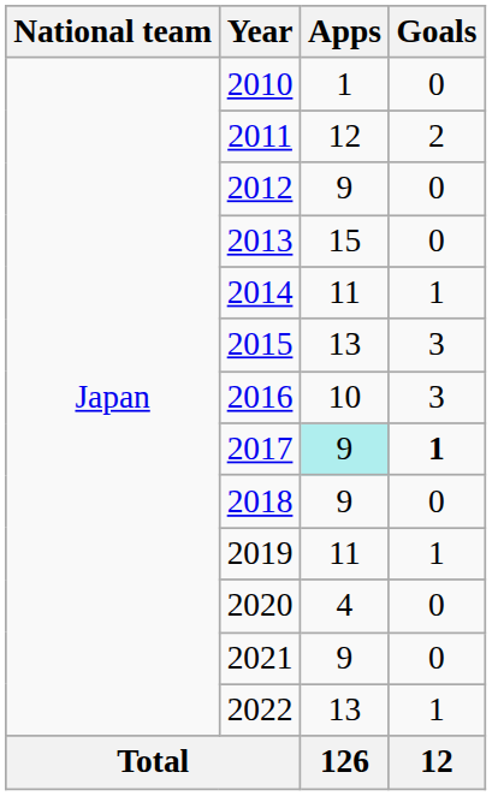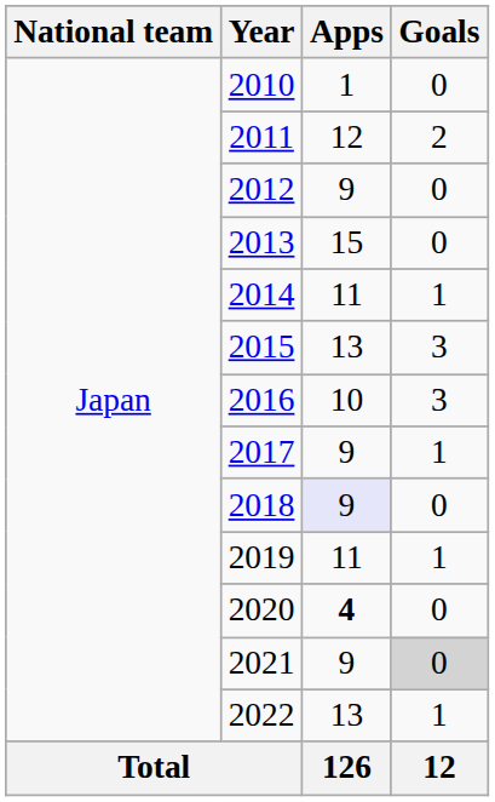 <table class="wikitable" style="text-align:center">
 <tr>
 <th>National team</th>
 <th>Year</th>
 <th>Apps</th>
 <th>Goals</th>
 </tr>
 <tr>
 <td rowspan="13"><a href='#'>Japan</a></td>
 <td><a href='#'>2010</a></td>
 <td>1</td>
 <td>0</td>
 </tr>
 <tr>
 <td><a href='#'>2011</a></td>
 <td>12</td>
 <td>2</td>
 </tr>
 <tr>
 <td><a href='#'>2012</a></td>
 <td>9</td>
 <td>0</td>
 </tr>
 <tr>
 <td><a href='#'>2013</a></td>
 <td>15</td>
 <td>0</td>
 </tr>
 <tr>
 <td><a href='#'>2014</a></td>
 <td>11</td>
 <td>1</td>
 </tr>
 <tr>
 <td><a href='#'>2015</a></td>
 <td>13</td>
 <td>3</td>
 </tr>
 <tr>
 <td><a href='#'>2016</a></td>
 <td>10</td>
 <td>3</td>
 </tr>
 <tr>
 <td><a href='#'>2017</a></td>
-<td style="background: paleturquoise;">9</td>
-<td><strong>1</strong></td>
+<td>9</td>
+<td>1</td>
 </tr>
 <tr>
 <td><a href='#'>2018</a></td>
-<td>9</td>
+<td style="background: lavender;">9</td>
 <td>0</td>
 </tr>
 <tr>
 <td>2019</td>
 <td>11</td>
 <td>1</td>
 </tr>
 <tr>
 <td>2020</td>
-<td>4</td>
+<td><strong>4</strong></td>
 <td>0</td>
 </tr>
 <tr>
 <td>2021</td>
 <td>9</td>
-<td>0</td>
+<td style="background: lightgrey;">0</td>
 </tr>
 <tr>
 <td>2022</td>
 <td>13</td>
 <td>1</td>
 </tr>
 <tr>
 <th colspan="2">Total</th>
 <th>126</th>
 <th>12</th>
 </tr>
 </table>
